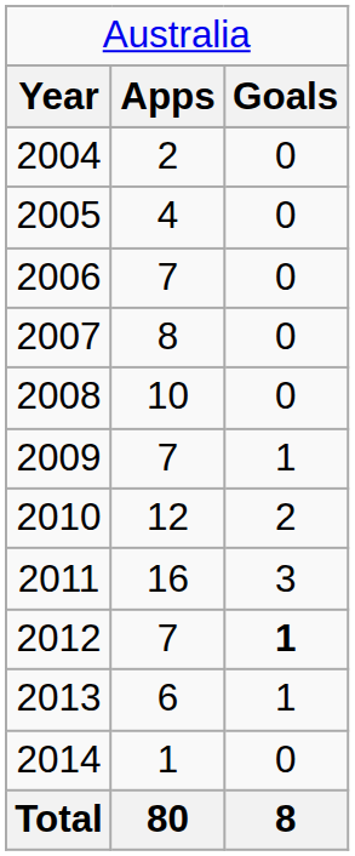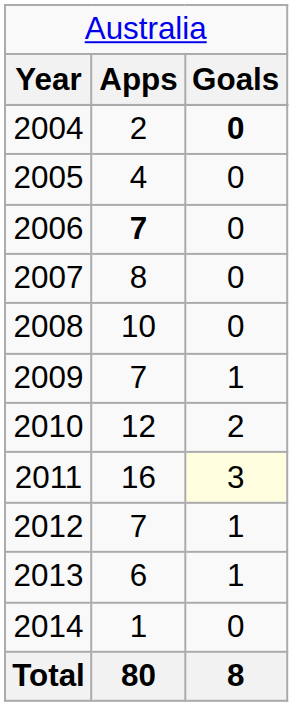 <table class="wikitable" style="text-align:center">
 <tr>
 <td colspan=3><a href='#'>Australia</a></td>
 </tr>
 <tr>
 <th>Year</th>
 <th>Apps</th>
 <th>Goals</th>
 </tr>
 <tr>
 </tr>
 <tr>
 <td>2004</td>
 <td>2</td>
-<td>0</td>
+<td><strong>0</strong></td>
 </tr>
 <tr>
 <td>2005</td>
 <td>4</td>
 <td>0</td>
 </tr>
 <tr>
 <td>2006</td>
-<td>7</td>
+<td><strong>7</strong></td>
 <td>0</td>
 </tr>
 <tr>
 <td>2007</td>
 <td>8</td>
 <td>0</td>
 </tr>
 <tr>
 <td>2008</td>
 <td>10</td>
 <td>0</td>
 </tr>
 <tr>
 <td>2009</td>
 <td>7</td>
 <td>1</td>
 </tr>
 <tr>
 <td>2010</td>
 <td>12</td>
 <td>2</td>
 </tr>
 <tr>
 <td>2011</td>
 <td>16</td>
-<td>3</td>
+<td style="background: lightyellow;">3</td>
 </tr>
 <tr>
 <td>2012</td>
 <td>7</td>
-<td><strong>1</strong></td>
+<td>1</td>
 </tr>
 <tr>
 <td>2013</td>
 <td>6</td>
 <td>1</td>
 </tr>
 <tr>
 <td>2014</td>
 <td>1</td>
 <td>0</td>
 </tr>
 <tr>
 <th>Total</th>
 <th>80</th>
 <th>8</th>
 </tr>
 </table>
